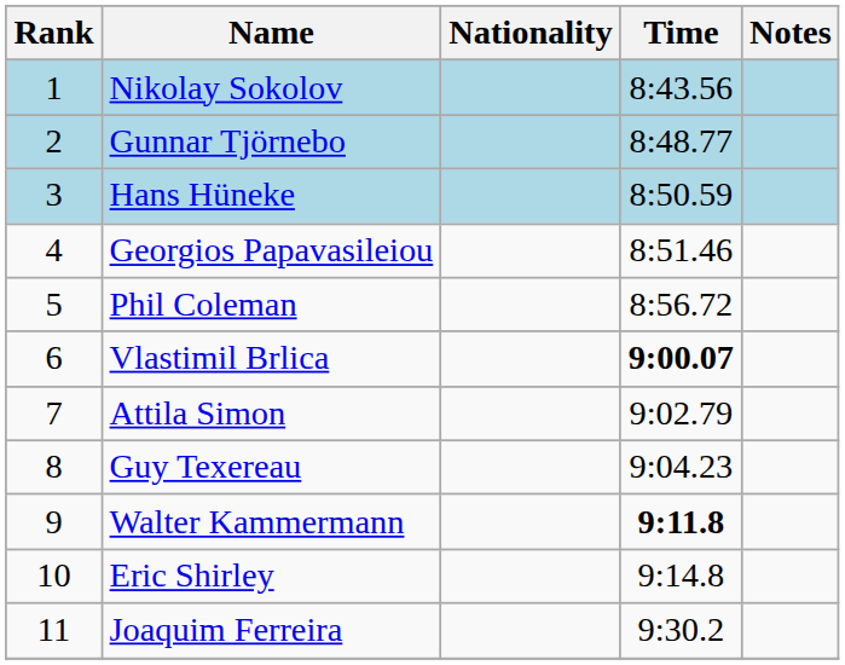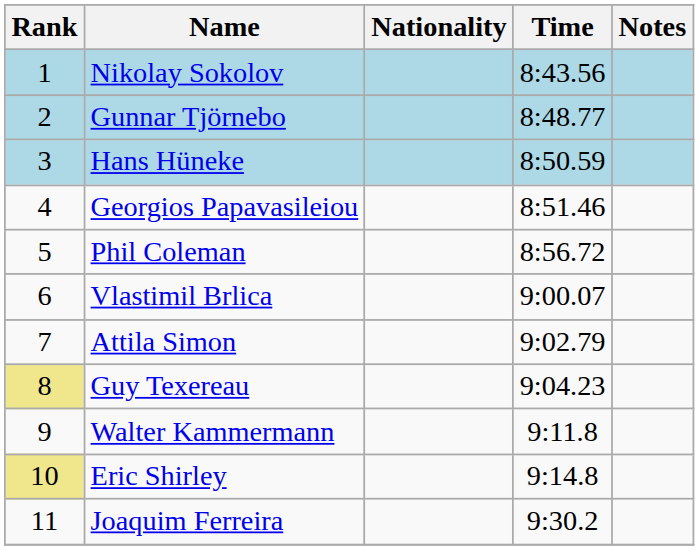 <table class="wikitable sortable" style="text-align:center">
 <tr>
 <th>Rank</th>
 <th>Name</th>
 <th>Nationality</th>
 <th>Time</th>
 <th>Notes</th>
 </tr>
 <tr bgcolor=lightblue>
 <td>1</td>
 <td align=left><a href='#'>Nikolay Sokolov</a></td>
 <td align=left></td>
 <td>8:43.56</td>
 <td></td>
 </tr>
 <tr bgcolor=lightblue>
 <td>2</td>
 <td align=left><a href='#'>Gunnar Tjörnebo</a></td>
 <td align=left></td>
 <td>8:48.77</td>
 <td></td>
 </tr>
 <tr bgcolor=lightblue>
 <td>3</td>
 <td align=left><a href='#'>Hans Hüneke</a></td>
 <td align=left></td>
 <td>8:50.59</td>
 <td></td>
 </tr>
 <tr>
 <td>4</td>
 <td align=left><a href='#'>Georgios Papavasileiou</a></td>
 <td align=left></td>
 <td>8:51.46</td>
 <td></td>
 </tr>
 <tr>
 <td>5</td>
 <td align=left><a href='#'>Phil Coleman</a></td>
 <td align=left></td>
 <td>8:56.72</td>
 <td></td>
 </tr>
 <tr>
 <td>6</td>
 <td align=left><a href='#'>Vlastimil Brlica</a></td>
 <td align=left></td>
-<td><strong>9:00.07</strong></td>
+<td>9:00.07</td>
 <td></td>
 </tr>
 <tr>
 <td>7</td>
 <td align=left><a href='#'>Attila Simon</a></td>
 <td align=left></td>
 <td>9:02.79</td>
 <td></td>
 </tr>
 <tr>
-<td>8</td>
+<td style="background: khaki;">8</td>
 <td align=left><a href='#'>Guy Texereau</a></td>
 <td align=left></td>
 <td>9:04.23</td>
 <td></td>
 </tr>
 <tr>
 <td>9</td>
 <td align=left><a href='#'>Walter Kammermann</a></td>
 <td align=left></td>
-<td><strong>9:11.8</strong></td>
+<td>9:11.8</td>
 <td></td>
 </tr>
 <tr>
-<td>10</td>
+<td style="background: khaki;">10</td>
 <td align=left><a href='#'>Eric Shirley</a></td>
 <td align=left></td>
 <td>9:14.8</td>
 <td></td>
 </tr>
 <tr>
 <td>11</td>
 <td align=left><a href='#'>Joaquim Ferreira</a></td>
 <td align=left></td>
 <td>9:30.2</td>
 <td></td>
 </tr>
 <tr>
 </tr>
 </table>
